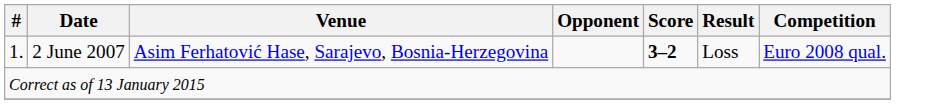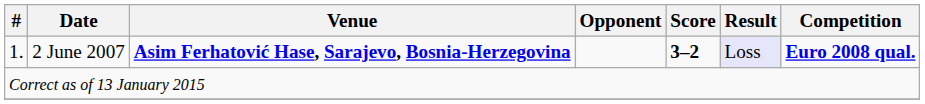 <table class="wikitable" style="font-size:95%;">
 <tr>
 <th>#</th>
 <th>Date</th>
 <th>Venue</th>
 <th>Opponent</th>
 <th>Score</th>
 <th>Result</th>
 <th>Competition</th>
 </tr>
 <tr>
 <td>1.</td>
 <td>2 June 2007</td>
-<td><a href='#'>Asim Ferhatović Hase</a>, <a href='#'>Sarajevo</a>, <a href='#'>Bosnia-Herzegovina</a></td>
+<td><strong><a href='#'>Asim Ferhatović Hase</a>, <a href='#'>Sarajevo</a>, <a href='#'>Bosnia-Herzegovina</a></strong></td>
 <td></td>
 <td><strong>3–2</strong></td>
-<td>Loss</td>
-<td><a href='#'>Euro 2008 qual.</a></td>
+<td style="background: lavender;">Loss</td>
+<td><strong><a href='#'>Euro 2008 qual.</a></strong></td>
 </tr>
 <tr>
 <td colspan="12"><small><em>Correct as of 13 January 2015</em></small></td>
 </tr>
 <tr>
 </tr>
 </table>
